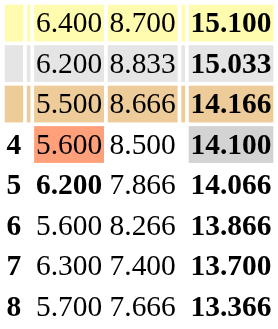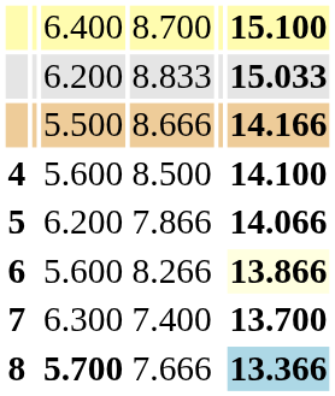 <table>
 <tr style="background:#fffcaf;">
 <th scope=row style="text-align:center"></th>
 <td style="text-align:left;"></td>
 <td>6.400</td>
 <td>8.700</td>
 <td></td>
 <td><strong>15.100</strong></td>
 </tr>
 <tr style="background:#e5e5e5;">
 <th scope=row style="text-align:center"></th>
 <td style="text-align:left;"></td>
 <td>6.200</td>
 <td>8.833</td>
 <td></td>
 <td><strong>15.033</strong></td>
 </tr>
 <tr style="background:#ec9;">
 <th scope=row style="text-align:center"></th>
 <td style="text-align:left;"></td>
 <td>5.500</td>
 <td>8.666</td>
 <td></td>
 <td><strong>14.166</strong></td>
 </tr>
 <tr>
 <th scope=row style="text-align:center">4</th>
 <td style="text-align:left;"></td>
-<td style="background: lightsalmon;">5.600</td>
+<td>5.600</td>
 <td>8.500</td>
 <td></td>
-<td style="background: lightgrey;"><strong>14.100</strong></td>
+<td><strong>14.100</strong></td>
 </tr>
 <tr>
 <th scope=row style="text-align:center">5</th>
 <td style="text-align:left;"></td>
-<td><strong>6.200</strong></td>
+<td>6.200</td>
 <td>7.866</td>
 <td></td>
 <td><strong>14.066</strong></td>
 </tr>
 <tr>
 <th scope=row style="text-align:center">6</th>
 <td style="text-align:left;"></td>
 <td>5.600</td>
 <td>8.266</td>
 <td></td>
-<td><strong>13.866</strong></td>
+<td style="background: lightyellow;"><strong>13.866</strong></td>
 </tr>
 <tr>
 <th scope=row style="text-align:center">7</th>
 <td style="text-align:left;"></td>
 <td>6.300</td>
 <td>7.400</td>
 <td></td>
 <td><strong>13.700</strong></td>
 </tr>
 <tr>
 <th scope=row style="text-align:center">8</th>
 <td style="text-align:left;"></td>
-<td>5.700</td>
+<td><strong>5.700</strong></td>
 <td>7.666</td>
 <td></td>
-<td><strong>13.366</strong></td>
+<td style="background: lightblue;"><strong>13.366</strong></td>
 </tr>
 </table>
